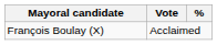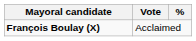 <table class="wikitable">
 <tr>
 <th bgcolor="#DDDDFF" width="200px">Mayoral candidate</th>
 <th bgcolor="#DDDDFF" width="50px">Vote</th>
 <th bgcolor="#DDDDFF"  width="30px">%</th>
 </tr>
 <tr>
-<td>François Boulay (X)</td>
+<td><strong>François Boulay (X)</strong></td>
 <td colspan="2">Acclaimed</td>
 </tr>
 </table>
